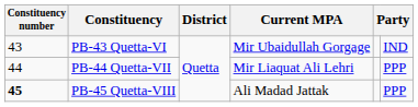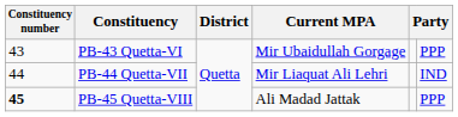 <table class="wikitable">
 <tr>
 <th width="50px" style="font-size:75%">Constituency number</th>
 <th>Constituency</th>
 <th>District</th>
 <th>Current MPA</th>
 <th colspan=2>Party</th>
 </tr>
 <tr>
 <td>43</td>
 <td><a href='#'>PB-43 Quetta-VI</a></td>
 <td rowspan="3"><a href='#'>Quetta</a></td>
 <td><a href='#'>Mir Ubaidullah Gorgage</a></td>
 <td></td>
-<td><a href='#'>IND</a></td>
+<td><a href='#'>PPP</a></td>
 </tr>
 <tr>
 <td>44</td>
 <td><a href='#'>PB-44 Quetta-VII</a></td>
 <td><a href='#'>Mir Liaquat Ali Lehri</a></td>
 <td></td>
-<td><a href='#'>PPP</a></td>
+<td><a href='#'>IND</a></td>
 </tr>
 <tr>
 <td><strong>45</strong></td>
 <td><a href='#'>PB-45 Quetta-VIII</a></td>
 <td>Ali Madad Jattak</td>
 <td></td>
 <td><a href='#'>PPP</a></td>
 </tr>
 </table>
